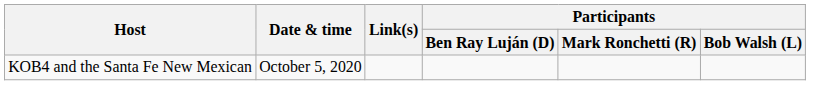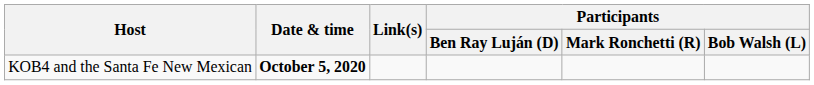 <table class="wikitable sortable">
 <tr>
 <th rowspan="2">Host</th>
 <th rowspan="2">Date & time</th>
 <th rowspan="2">Link(s)</th>
 <th colspan="3">Participants</th>
 </tr>
 <tr>
 <th>Ben Ray Luján (D)</th>
 <th>Mark Ronchetti (R)</th>
 <th>Bob Walsh (L)</th>
 </tr>
 <tr>
 <td align="center">KOB4 and the Santa Fe New Mexican</td>
-<td align="center">October 5, 2020</td>
+<td align="center"><strong>October 5, 2020</strong></td>
 <td align="center"></td>
 <td></td>
 <td></td>
 <td></td>
 </tr>
 </table>
